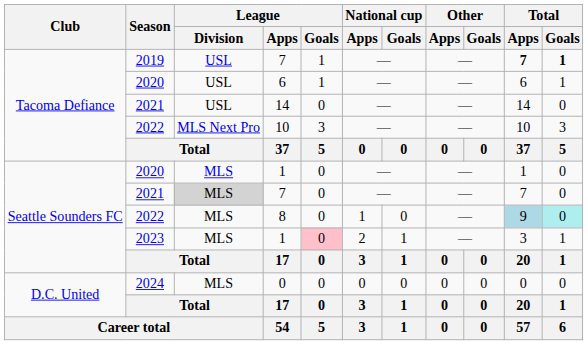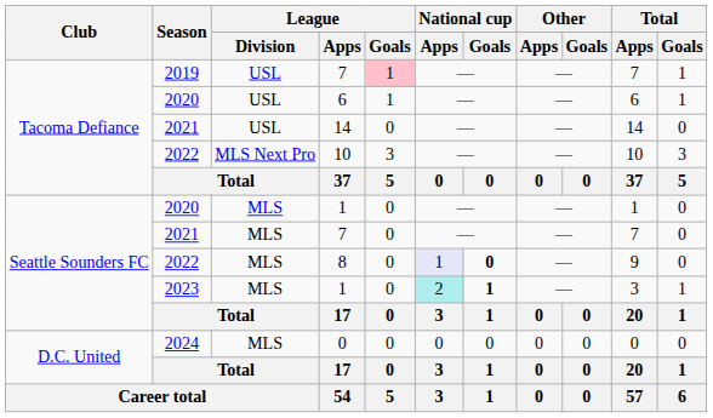 <table class="wikitable" style="text-align:center">
 <tr>
 <th rowspan="2">Club</th>
 <th rowspan="2">Season</th>
 <th colspan="3">League</th>
 <th colspan="2">National cup</th>
 <th colspan="2">Other</th>
 <th colspan="2">Total</th>
 </tr>
 <tr>
 <th>Division</th>
 <th>Apps</th>
 <th>Goals</th>
 <th>Apps</th>
 <th>Goals</th>
 <th>Apps</th>
 <th>Goals</th>
 <th>Apps</th>
 <th>Goals</th>
 </tr>
 <tr>
 <td rowspan="5"><a href='#'>Tacoma Defiance</a></td>
 <td><a href='#'>2019</a></td>
 <td><a href='#'>USL</a></td>
 <td>7</td>
-<td>1</td>
+<td style="background: pink;">1</td>
 <td colspan="2">—</td>
 <td colspan="2">—</td>
-<td><strong>7</strong></td>
-<td><strong>1</strong></td>
+<td>7</td>
+<td>1</td>
 </tr>
 <tr>
 <td><a href='#'>2020</a></td>
 <td>USL</td>
 <td>6</td>
 <td>1</td>
 <td colspan="2">—</td>
 <td colspan="2">—</td>
 <td>6</td>
 <td>1</td>
 </tr>
 <tr>
 <td><a href='#'>2021</a></td>
 <td>USL</td>
 <td>14</td>
 <td>0</td>
 <td colspan="2">—</td>
 <td colspan="2">—</td>
 <td>14</td>
 <td>0</td>
 </tr>
 <tr>
 <td><a href='#'>2022</a></td>
 <td><a href='#'>MLS Next Pro</a></td>
 <td>10</td>
 <td>3</td>
 <td colspan="2">—</td>
 <td colspan="2">—</td>
 <td>10</td>
 <td>3</td>
 </tr>
 <tr>
 <th colspan="2">Total</th>
 <th>37</th>
 <th>5</th>
 <th>0</th>
 <th>0</th>
 <th>0</th>
 <th>0</th>
 <th>37</th>
 <th>5</th>
 </tr>
 <tr>
 <td rowspan="5"><a href='#'>Seattle Sounders FC</a></td>
 <td><a href='#'>2020</a></td>
 <td><a href='#'>MLS</a></td>
 <td>1</td>
 <td>0</td>
 <td colspan="2">—</td>
 <td colspan="2">—</td>
 <td>1</td>
 <td>0</td>
 </tr>
 <tr>
 <td><a href='#'>2021</a></td>
-<td style="background: lightgrey;">MLS</td>
+<td>MLS</td>
 <td>7</td>
 <td>0</td>
 <td colspan="2">—</td>
 <td colspan="2">—</td>
 <td>7</td>
 <td>0</td>
 </tr>
 <tr>
 <td><a href='#'>2022</a></td>
 <td>MLS</td>
 <td>8</td>
 <td>0</td>
-<td>1</td>
+<td style="background: lavender;">1</td>
+<td><strong>0</strong></td>
+<td colspan="2">—</td>
+<td>9</td>
 <td>0</td>
-<td colspan="2">—</td>
-<td style="background: lightblue;">9</td>
-<td style="background: paleturquoise;">0</td>
 </tr>
 <tr>
 <td><a href='#'>2023</a></td>
 <td>MLS</td>
 <td>1</td>
-<td style="background: pink;">0</td>
-<td>2</td>
-<td>1</td>
+<td>0</td>
+<td style="background: paleturquoise;">2</td>
+<td><strong>1</strong></td>
 <td colspan="2">—</td>
 <td>3</td>
 <td>1</td>
 </tr>
 <tr>
 <th colspan="2">Total</th>
 <th>17</th>
 <th>0</th>
 <th>3</th>
 <th>1</th>
 <th>0</th>
 <th>0</th>
 <th>20</th>
 <th>1</th>
 </tr>
 <tr>
 <td rowspan="2"><a href='#'>D.C. United</a></td>
 <td><a href='#'>2024</a></td>
 <td>MLS</td>
 <td>0</td>
 <td>0</td>
 <td>0</td>
 <td>0</td>
 <td>0</td>
 <td>0</td>
 <td>0</td>
 <td>0</td>
 </tr>
 <tr>
 <th colspan="2">Total</th>
 <th>17</th>
 <th>0</th>
 <th>3</th>
 <th>1</th>
 <th>0</th>
 <th>0</th>
 <th>20</th>
 <th>1</th>
 </tr>
 <tr>
 <th colspan="3">Career total</th>
 <th>54</th>
 <th>5</th>
 <th>3</th>
 <th>1</th>
 <th>0</th>
 <th>0</th>
 <th>57</th>
 <th>6</th>
 </tr>
 </table>
